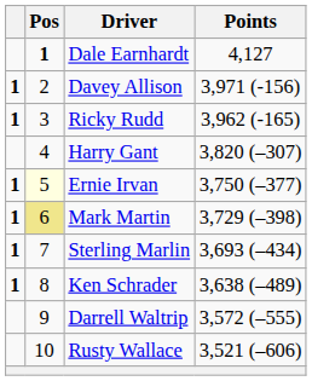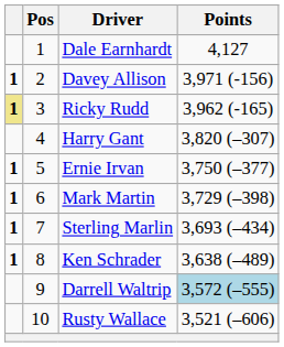 <table class="wikitable" style="font-size: 95%;">
 <tr>
 <th></th>
 <th>Pos</th>
 <th>Driver</th>
 <th>Points</th>
 </tr>
 <tr>
 <td align="left"></td>
-<td style="text-align:center;"><strong>1</strong></td>
+<td style="text-align:center;">1</td>
 <td><a href='#'>Dale Earnhardt</a></td>
 <td style="text-align:center;">4,127</td>
 </tr>
 <tr>
 <td align="left">  <strong>1</strong></td>
 <td style="text-align:center;">2</td>
 <td><a href='#'>Davey Allison</a></td>
 <td style="text-align:center;">3,971 (-156)</td>
 </tr>
 <tr>
-<td align="left">  <strong>1</strong></td>
+<td align="left" style="background: khaki;">  <strong>1</strong></td>
 <td style="text-align:center;">3</td>
 <td><a href='#'>Ricky Rudd</a></td>
 <td style="text-align:center;">3,962 (-165)</td>
 </tr>
 <tr>
 <td align="left"></td>
 <td style="text-align:center;">4</td>
 <td><a href='#'>Harry Gant</a></td>
 <td style="text-align:center;">3,820 (–307)</td>
 </tr>
 <tr>
 <td align="left">  <strong>1</strong></td>
-<td style="background: lightyellow; text-align:center;">5</td>
+<td style="text-align:center;">5</td>
 <td><a href='#'>Ernie Irvan</a></td>
 <td style="text-align:center;">3,750 (–377)</td>
 </tr>
 <tr>
 <td align="left">  <strong>1</strong></td>
-<td style="background: khaki; text-align:center;">6</td>
+<td style="text-align:center;">6</td>
 <td><a href='#'>Mark Martin</a></td>
 <td style="text-align:center;">3,729 (–398)</td>
 </tr>
 <tr>
 <td align="left">  <strong>1</strong></td>
 <td style="text-align:center;">7</td>
 <td><a href='#'>Sterling Marlin</a></td>
 <td style="text-align:center;">3,693 (–434)</td>
 </tr>
 <tr>
 <td align="left">  <strong>1</strong></td>
 <td style="text-align:center;">8</td>
 <td><a href='#'>Ken Schrader</a></td>
 <td style="text-align:center;">3,638 (–489)</td>
 </tr>
 <tr>
 <td align="left"></td>
 <td style="text-align:center;">9</td>
 <td><a href='#'>Darrell Waltrip</a></td>
-<td style="text-align:center;">3,572 (–555)</td>
+<td style="background: lightblue; text-align:center;">3,572 (–555)</td>
 </tr>
 <tr>
 <td align="left"></td>
 <td style="text-align:center;">10</td>
 <td><a href='#'>Rusty Wallace</a></td>
 <td style="text-align:center;">3,521 (–606)</td>
 </tr>
 <tr class="sortbottom">
 <th colspan="9"></th>
 </tr>
 </table>
